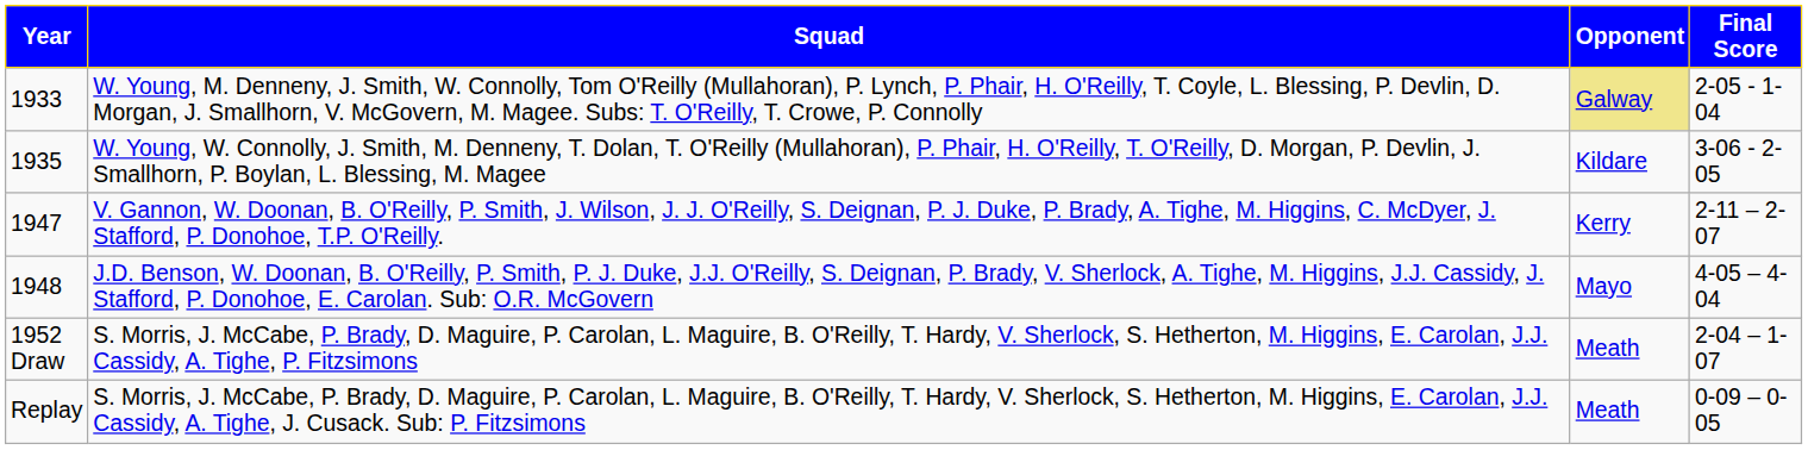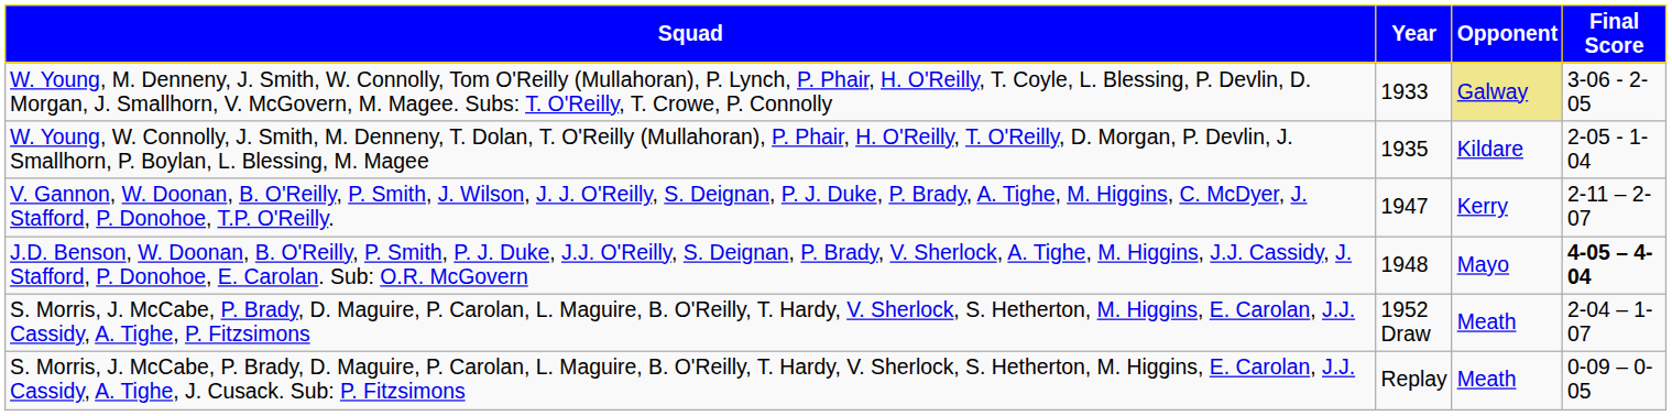 <table class="wikitable">
 <tr>
+<th style="background:blue; color:white; border:1px solid gold">Squad</th>
 <th style="background:blue; color:white; border:1px solid gold">Year</th>
-<th style="background:blue; color:white; border:1px solid gold">Squad</th>
 <th style="background:blue; color:white; border:1px solid gold">Opponent</th>
 <th style="background:blue; color:white; border:1px solid gold">Final Score</th>
 </tr>
 <tr>
+<td><a href='#'>W. Young</a>, M. Denneny, J. Smith, W. Connolly, Tom O'Reilly (Mullahoran), P. Lynch, <a href='#'>P. Phair</a>, <a href='#'>H. O'Reilly</a>, T. Coyle, L. Blessing, P. Devlin, D. Morgan, J. Smallhorn, V. McGovern, M. Magee. Subs: <a href='#'>T. O'Reilly</a>, T. Crowe, P. Connolly</td>
 <td>1933</td>
-<td><a href='#'>W. Young</a>, M. Denneny, J. Smith, W. Connolly, Tom O'Reilly (Mullahoran), P. Lynch, <a href='#'>P. Phair</a>, <a href='#'>H. O'Reilly</a>, T. Coyle, L. Blessing, P. Devlin, D. Morgan, J. Smallhorn, V. McGovern, M. Magee. Subs: <a href='#'>T. O'Reilly</a>, T. Crowe, P. Connolly</td>
 <td style="background: khaki;"><a href='#'>Galway</a></td>
+<td>3-06 - 2-05</td>
+</tr>
+<tr>
+<td><a href='#'>W. Young</a>, W. Connolly, J. Smith, M. Denneny, T. Dolan, T. O'Reilly (Mullahoran), <a href='#'>P. Phair</a>, <a href='#'>H. O'Reilly</a>,  <a href='#'>T. O'Reilly</a>, D. Morgan, P. Devlin, J. Smallhorn, P. Boylan, L. Blessing, M. Magee</td>
+<td>1935</td>
+<td><a href='#'>Kildare</a></td>
 <td>2-05 - 1-04</td>
 </tr>
 <tr>
-<td>1935</td>
-<td><a href='#'>W. Young</a>, W. Connolly, J. Smith, M. Denneny, T. Dolan, T. O'Reilly (Mullahoran), <a href='#'>P. Phair</a>, <a href='#'>H. O'Reilly</a>,  <a href='#'>T. O'Reilly</a>, D. Morgan, P. Devlin, J. Smallhorn, P. Boylan, L. Blessing, M. Magee</td>
-<td><a href='#'>Kildare</a></td>
-<td>3-06 - 2-05</td>
-</tr>
-<tr>
+<td><a href='#'>V. Gannon</a>, <a href='#'>W. Doonan</a>, <a href='#'>B. O'Reilly</a>, <a href='#'>P. Smith</a>, <a href='#'>J. Wilson</a>, <a href='#'>J. J. O'Reilly</a>, <a href='#'>S. Deignan</a>, <a href='#'>P. J. Duke</a>, <a href='#'>P. Brady</a>, <a href='#'>A. Tighe</a>, <a href='#'>M. Higgins</a>, <a href='#'>C. McDyer</a>, <a href='#'>J. Stafford</a>, <a href='#'>P. Donohoe</a>, <a href='#'>T.P. O'Reilly</a>.</td>
 <td>1947</td>
-<td><a href='#'>V. Gannon</a>, <a href='#'>W. Doonan</a>, <a href='#'>B. O'Reilly</a>, <a href='#'>P. Smith</a>, <a href='#'>J. Wilson</a>, <a href='#'>J. J. O'Reilly</a>, <a href='#'>S. Deignan</a>, <a href='#'>P. J. Duke</a>, <a href='#'>P. Brady</a>, <a href='#'>A. Tighe</a>, <a href='#'>M. Higgins</a>, <a href='#'>C. McDyer</a>, <a href='#'>J. Stafford</a>, <a href='#'>P. Donohoe</a>, <a href='#'>T.P. O'Reilly</a>.</td>
 <td><a href='#'>Kerry</a></td>
 <td>2-11 – 2-07</td>
 </tr>
 <tr>
+<td><a href='#'>J.D. Benson</a>, <a href='#'>W. Doonan</a>, <a href='#'>B. O'Reilly</a>, <a href='#'>P. Smith</a>, <a href='#'>P. J. Duke</a>, <a href='#'>J.J. O'Reilly</a>, <a href='#'>S. Deignan</a>, <a href='#'>P. Brady</a>, <a href='#'>V. Sherlock</a>, <a href='#'>A. Tighe</a>, <a href='#'>M. Higgins</a>, <a href='#'>J.J. Cassidy</a>, <a href='#'>J. Stafford</a>, <a href='#'>P. Donohoe</a>, <a href='#'>E. Carolan</a>. Sub: <a href='#'>O.R. McGovern</a></td>
 <td>1948</td>
-<td><a href='#'>J.D. Benson</a>, <a href='#'>W. Doonan</a>, <a href='#'>B. O'Reilly</a>, <a href='#'>P. Smith</a>, <a href='#'>P. J. Duke</a>, <a href='#'>J.J. O'Reilly</a>, <a href='#'>S. Deignan</a>, <a href='#'>P. Brady</a>, <a href='#'>V. Sherlock</a>, <a href='#'>A. Tighe</a>, <a href='#'>M. Higgins</a>, <a href='#'>J.J. Cassidy</a>, <a href='#'>J. Stafford</a>, <a href='#'>P. Donohoe</a>, <a href='#'>E. Carolan</a>. Sub: <a href='#'>O.R. McGovern</a></td>
 <td><a href='#'>Mayo</a></td>
-<td>4-05 – 4-04</td>
+<td><strong>4-05 – 4-04</strong></td>
 </tr>
 <tr>
+<td>S. Morris, J. McCabe, <a href='#'>P. Brady</a>, D. Maguire, P. Carolan, L. Maguire, B. O'Reilly, T. Hardy, <a href='#'>V. Sherlock</a>,  S. Hetherton, <a href='#'>M. Higgins</a>, <a href='#'>E. Carolan</a>, <a href='#'>J.J. Cassidy</a>, <a href='#'>A. Tighe</a>, <a href='#'>P. Fitzsimons</a></td>
 <td>1952<br>Draw</td>
-<td>S. Morris, J. McCabe, <a href='#'>P. Brady</a>, D. Maguire, P. Carolan, L. Maguire, B. O'Reilly, T. Hardy, <a href='#'>V. Sherlock</a>,  S. Hetherton, <a href='#'>M. Higgins</a>, <a href='#'>E. Carolan</a>, <a href='#'>J.J. Cassidy</a>, <a href='#'>A. Tighe</a>, <a href='#'>P. Fitzsimons</a></td>
 <td><a href='#'>Meath</a></td>
 <td>2-04 – 1-07</td>
 </tr>
 <tr>
+<td>S. Morris, J. McCabe, P. Brady, D. Maguire, P. Carolan, L. Maguire, B. O'Reilly, T. Hardy, V. Sherlock, S. Hetherton, M. Higgins, <a href='#'>E. Carolan</a>, <a href='#'>J.J. Cassidy</a>, <a href='#'>A. Tighe</a>, J. Cusack. Sub: <a href='#'>P. Fitzsimons</a></td>
 <td>Replay</td>
-<td>S. Morris, J. McCabe, P. Brady, D. Maguire, P. Carolan, L. Maguire, B. O'Reilly, T. Hardy, V. Sherlock, S. Hetherton, M. Higgins, <a href='#'>E. Carolan</a>, <a href='#'>J.J. Cassidy</a>, <a href='#'>A. Tighe</a>, J. Cusack. Sub: <a href='#'>P. Fitzsimons</a></td>
 <td><a href='#'>Meath</a></td>
 <td>0-09 – 0-05</td>
 </tr>
 </table>
